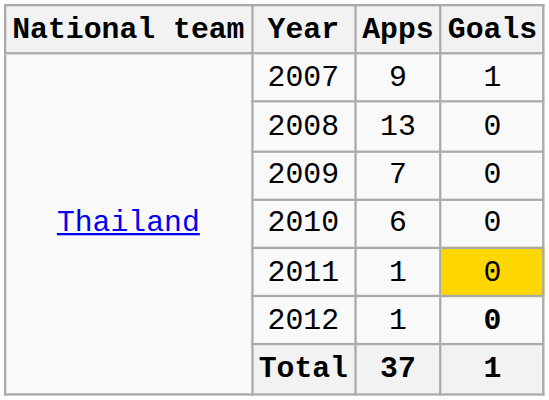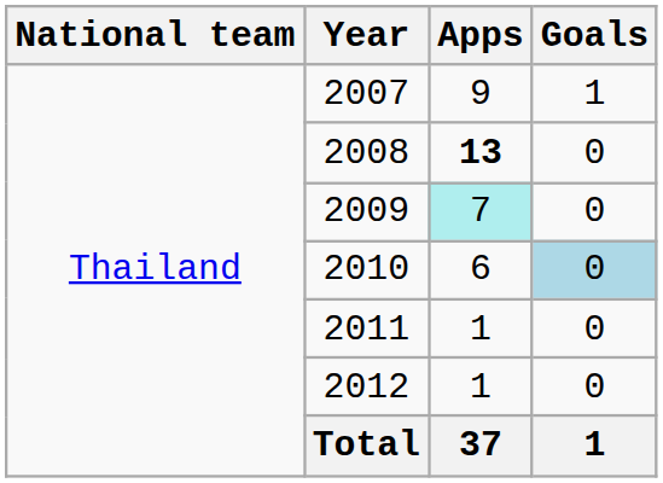 <table class="wikitable" style="text-align:center">
 <tr>
 <th>National team</th>
 <th>Year</th>
 <th>Apps</th>
 <th>Goals</th>
 </tr>
 <tr>
 <td rowspan="7" valign="center"><a href='#'>Thailand</a></td>
 <td>2007</td>
 <td>9</td>
 <td>1</td>
 </tr>
 <tr>
 <td>2008</td>
-<td>13</td>
+<td><strong>13</strong></td>
 <td>0</td>
 </tr>
 <tr>
 <td>2009</td>
-<td>7</td>
+<td style="background: paleturquoise;">7</td>
 <td>0</td>
 </tr>
 <tr>
 <td>2010</td>
 <td>6</td>
-<td>0</td>
+<td style="background: lightblue;">0</td>
 </tr>
 <tr>
 <td>2011</td>
 <td>1</td>
-<td style="background: gold;">0</td>
+<td>0</td>
 </tr>
 <tr>
 <td>2012</td>
 <td>1</td>
-<td><strong>0</strong></td>
+<td>0</td>
 </tr>
 <tr>
 <th>Total</th>
 <th>37</th>
 <th>1</th>
 </tr>
 </table>
